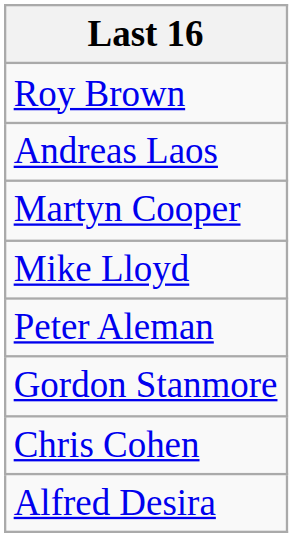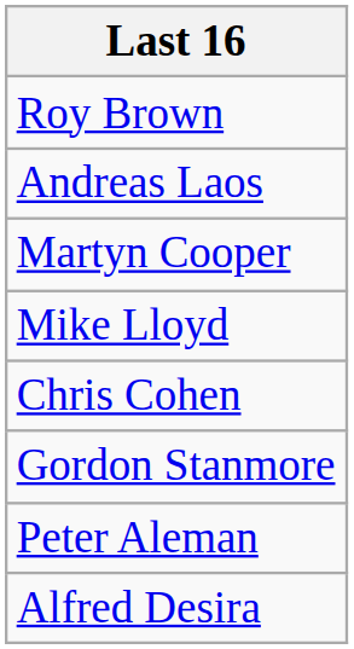 <table class="wikitable">
 <tr>
 <th>Last 16</th>
 </tr>
 <tr>
 <td> <a href='#'>Roy Brown</a></td>
 </tr>
 <tr>
 <td> <a href='#'>Andreas Laos</a></td>
 </tr>
 <tr>
 <td> <a href='#'>Martyn Cooper</a></td>
 </tr>
 <tr>
 <td> <a href='#'>Mike Lloyd</a></td>
 </tr>
 <tr>
-<td> <a href='#'>Peter Aleman</a></td>
+<td> <a href='#'>Chris Cohen</a></td>
 </tr>
 <tr>
 <td> <a href='#'>Gordon Stanmore</a></td>
 </tr>
 <tr>
-<td> <a href='#'>Chris Cohen</a></td>
+<td> <a href='#'>Peter Aleman</a></td>
 </tr>
 <tr>
 <td> <a href='#'>Alfred Desira</a></td>
 </tr>
 </table>
